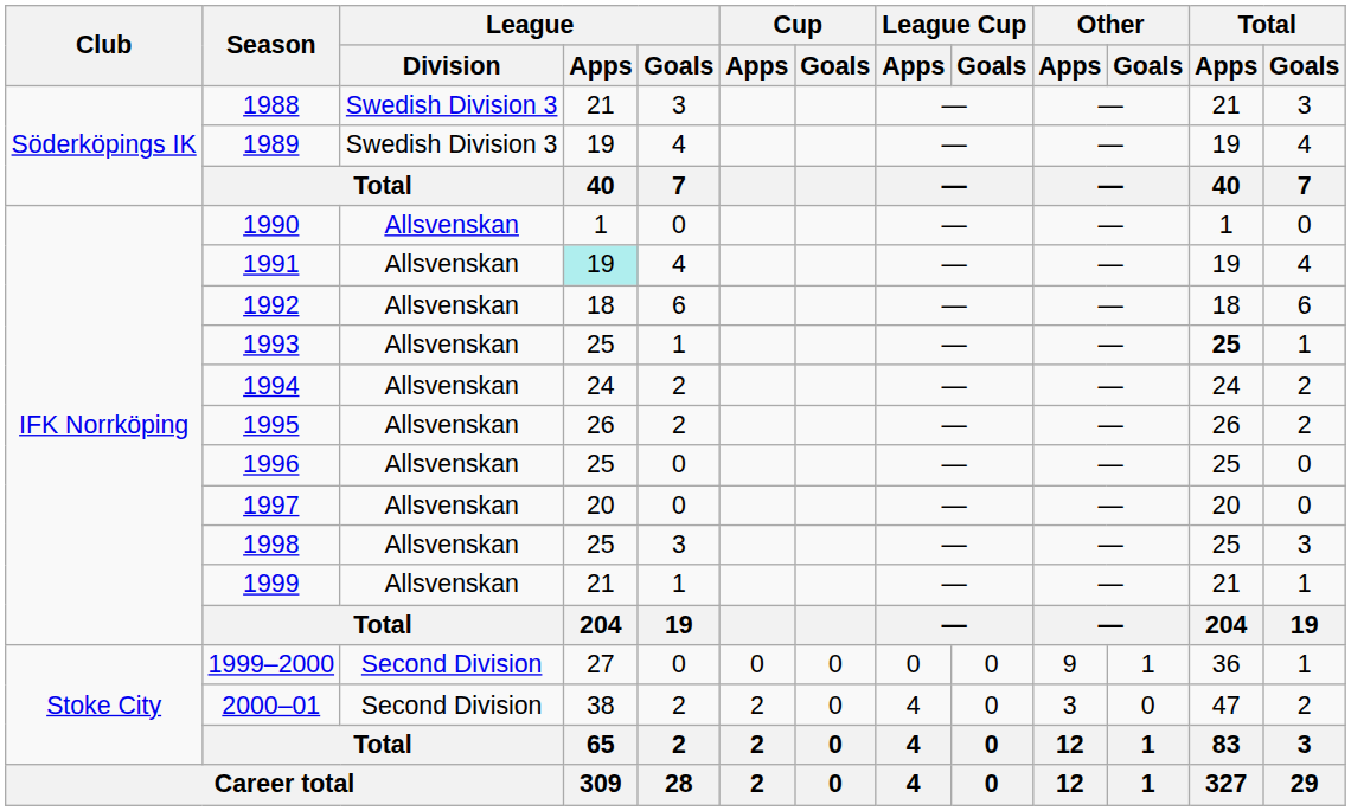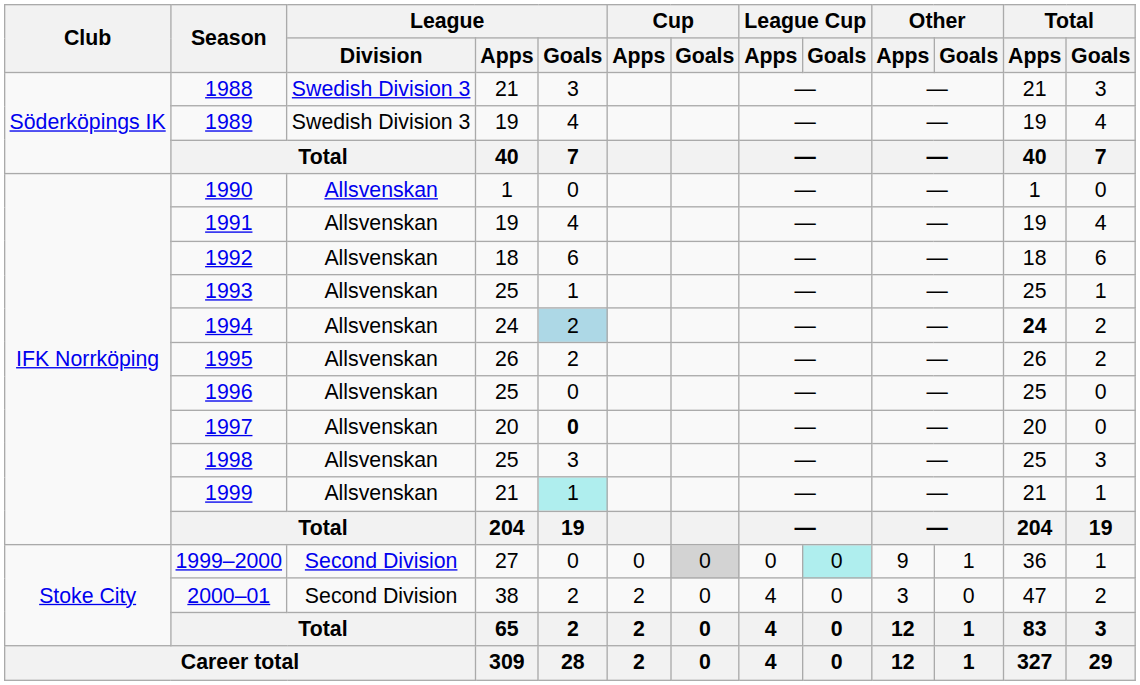 <table class="wikitable" style="text-align: center;">
 <tr>
 <th rowspan="2">Club</th>
 <th rowspan="2">Season</th>
 <th colspan="3">League</th>
 <th colspan="2">Cup</th>
 <th colspan="2">League Cup</th>
 <th colspan="2">Other</th>
 <th colspan="2">Total</th>
 </tr>
 <tr>
 <th>Division</th>
 <th>Apps</th>
 <th>Goals</th>
 <th>Apps</th>
 <th>Goals</th>
 <th>Apps</th>
 <th>Goals</th>
 <th>Apps</th>
 <th>Goals</th>
 <th>Apps</th>
 <th>Goals</th>
 </tr>
 <tr>
 <td rowspan=3><a href='#'>Söderköpings IK</a></td>
 <td><a href='#'>1988</a></td>
 <td><a href='#'>Swedish Division 3</a></td>
 <td>21</td>
 <td>3</td>
 <td></td>
 <td></td>
 <td colspan="2">—</td>
 <td colspan="2">—</td>
 <td>21</td>
 <td>3</td>
 </tr>
 <tr>
 <td><a href='#'>1989</a></td>
 <td>Swedish Division 3</td>
 <td>19</td>
 <td>4</td>
 <td></td>
 <td></td>
 <td colspan="2">—</td>
 <td colspan="2">—</td>
 <td>19</td>
 <td>4</td>
 </tr>
 <tr>
 <th colspan=2>Total</th>
 <th>40</th>
 <th>7</th>
 <th></th>
 <th></th>
 <th colspan="2">—</th>
 <th colspan="2">—</th>
 <th>40</th>
 <th>7</th>
 </tr>
 <tr>
 <td rowspan=11><a href='#'>IFK Norrköping</a></td>
 <td><a href='#'>1990</a></td>
 <td><a href='#'>Allsvenskan</a></td>
 <td>1</td>
 <td>0</td>
 <td></td>
 <td></td>
 <td colspan="2">—</td>
 <td colspan="2">—</td>
 <td>1</td>
 <td>0</td>
 </tr>
 <tr>
 <td><a href='#'>1991</a></td>
 <td>Allsvenskan</td>
-<td style="background: paleturquoise;">19</td>
+<td>19</td>
 <td>4</td>
 <td></td>
 <td></td>
 <td colspan="2">—</td>
 <td colspan="2">—</td>
 <td>19</td>
 <td>4</td>
 </tr>
 <tr>
 <td><a href='#'>1992</a></td>
 <td>Allsvenskan</td>
 <td>18</td>
 <td>6</td>
 <td></td>
 <td></td>
 <td colspan="2">—</td>
 <td colspan="2">—</td>
 <td>18</td>
 <td>6</td>
 </tr>
 <tr>
 <td><a href='#'>1993</a></td>
 <td>Allsvenskan</td>
 <td>25</td>
 <td>1</td>
 <td></td>
 <td></td>
 <td colspan="2">—</td>
 <td colspan="2">—</td>
-<td><strong>25</strong></td>
+<td>25</td>
 <td>1</td>
 </tr>
 <tr>
 <td><a href='#'>1994</a></td>
 <td>Allsvenskan</td>
 <td>24</td>
-<td>2</td>
+<td style="background: lightblue;">2</td>
 <td></td>
 <td></td>
 <td colspan="2">—</td>
 <td colspan="2">—</td>
-<td>24</td>
+<td><strong>24</strong></td>
 <td>2</td>
 </tr>
 <tr>
 <td><a href='#'>1995</a></td>
 <td>Allsvenskan</td>
 <td>26</td>
 <td>2</td>
 <td></td>
 <td></td>
 <td colspan="2">—</td>
 <td colspan="2">—</td>
 <td>26</td>
 <td>2</td>
 </tr>
 <tr>
 <td><a href='#'>1996</a></td>
 <td>Allsvenskan</td>
 <td>25</td>
 <td>0</td>
 <td></td>
 <td></td>
 <td colspan="2">—</td>
 <td colspan="2">—</td>
 <td>25</td>
 <td>0</td>
 </tr>
 <tr>
 <td><a href='#'>1997</a></td>
 <td>Allsvenskan</td>
 <td>20</td>
-<td>0</td>
+<td><strong>0</strong></td>
 <td></td>
 <td></td>
 <td colspan="2">—</td>
 <td colspan="2">—</td>
 <td>20</td>
 <td>0</td>
 </tr>
 <tr>
 <td><a href='#'>1998</a></td>
 <td>Allsvenskan</td>
 <td>25</td>
 <td>3</td>
 <td></td>
 <td></td>
 <td colspan="2">—</td>
 <td colspan="2">—</td>
 <td>25</td>
 <td>3</td>
 </tr>
 <tr>
 <td><a href='#'>1999</a></td>
 <td>Allsvenskan</td>
 <td>21</td>
-<td>1</td>
+<td style="background: paleturquoise;">1</td>
 <td></td>
 <td></td>
 <td colspan="2">—</td>
 <td colspan="2">—</td>
 <td>21</td>
 <td>1</td>
 </tr>
 <tr>
 <th colspan=2>Total</th>
 <th>204</th>
 <th>19</th>
 <th></th>
 <th></th>
 <th colspan="2">—</th>
 <th colspan="2">—</th>
 <th>204</th>
 <th>19</th>
 </tr>
 <tr>
 <td rowspan=3><a href='#'>Stoke City</a></td>
 <td><a href='#'>1999–2000</a></td>
 <td><a href='#'>Second Division</a></td>
 <td>27</td>
 <td>0</td>
 <td>0</td>
+<td style="background: lightgrey;">0</td>
 <td>0</td>
-<td>0</td>
-<td>0</td>
+<td style="background: paleturquoise;">0</td>
 <td>9</td>
 <td>1</td>
 <td>36</td>
 <td>1</td>
 </tr>
 <tr>
 <td><a href='#'>2000–01</a></td>
 <td>Second Division</td>
 <td>38</td>
 <td>2</td>
 <td>2</td>
 <td>0</td>
 <td>4</td>
 <td>0</td>
 <td>3</td>
 <td>0</td>
 <td>47</td>
 <td>2</td>
 </tr>
 <tr>
 <th colspan=2>Total</th>
 <th>65</th>
 <th>2</th>
 <th>2</th>
 <th>0</th>
 <th>4</th>
 <th>0</th>
 <th>12</th>
 <th>1</th>
 <th>83</th>
 <th>3</th>
 </tr>
 <tr>
 <th colspan=3>Career total</th>
 <th>309</th>
 <th>28</th>
 <th>2</th>
 <th>0</th>
 <th>4</th>
 <th>0</th>
 <th>12</th>
 <th>1</th>
 <th>327</th>
 <th>29</th>
 </tr>
 </table>
